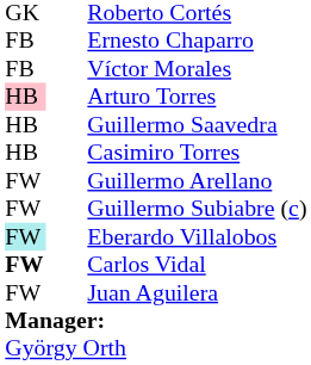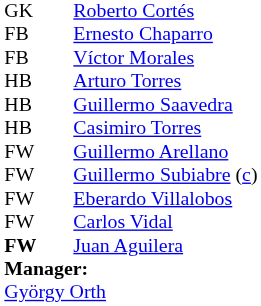 <table style="font-size: 90%" cellspacing="0" cellpadding="0" align=center>
 <tr>
 <th width="25"></th>
 <th width="25"></th>
 </tr>
 <tr>
 <td>GK</td>
 <td></td>
 <td><a href='#'>Roberto Cortés</a></td>
 </tr>
 <tr>
 <td>FB</td>
 <td></td>
 <td><a href='#'>Ernesto Chaparro</a></td>
 </tr>
 <tr>
 <td>FB</td>
 <td></td>
 <td><a href='#'>Víctor Morales</a></td>
 </tr>
 <tr>
-<td style="background: pink;">HB</td>
+<td>HB</td>
 <td></td>
 <td><a href='#'>Arturo Torres</a></td>
 </tr>
 <tr>
 <td>HB</td>
 <td></td>
 <td><a href='#'>Guillermo Saavedra</a></td>
 </tr>
 <tr>
 <td>HB</td>
 <td></td>
 <td><a href='#'>Casimiro Torres</a></td>
 </tr>
 <tr>
 <td>FW</td>
 <td></td>
 <td><a href='#'>Guillermo Arellano</a></td>
 </tr>
 <tr>
 <td>FW</td>
 <td></td>
 <td><a href='#'>Guillermo Subiabre</a> (<a href='#'>c</a>)</td>
 </tr>
 <tr>
-<td style="background: paleturquoise;">FW</td>
+<td>FW</td>
 <td></td>
 <td><a href='#'>Eberardo Villalobos</a></td>
 </tr>
 <tr>
-<td><strong>FW</strong></td>
+<td>FW</td>
 <td></td>
 <td><a href='#'>Carlos Vidal</a></td>
 </tr>
 <tr>
-<td>FW</td>
+<td><strong>FW</strong></td>
 <td></td>
 <td><a href='#'>Juan Aguilera</a></td>
 </tr>
 <tr>
 <td colspan=3><strong>Manager:</strong></td>
 </tr>
 <tr>
 <td colspan=4> <a href='#'>György Orth</a></td>
 </tr>
 </table>
